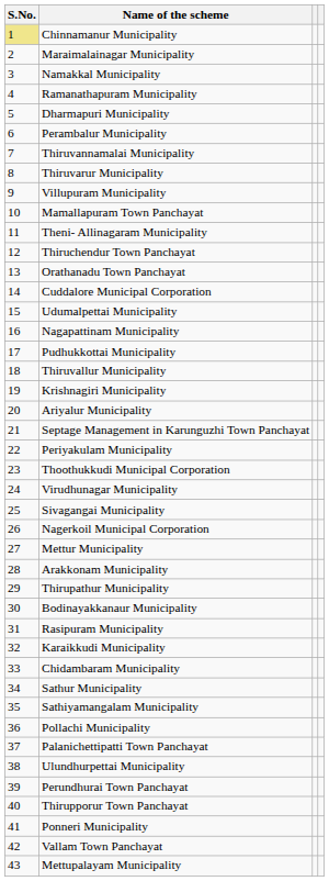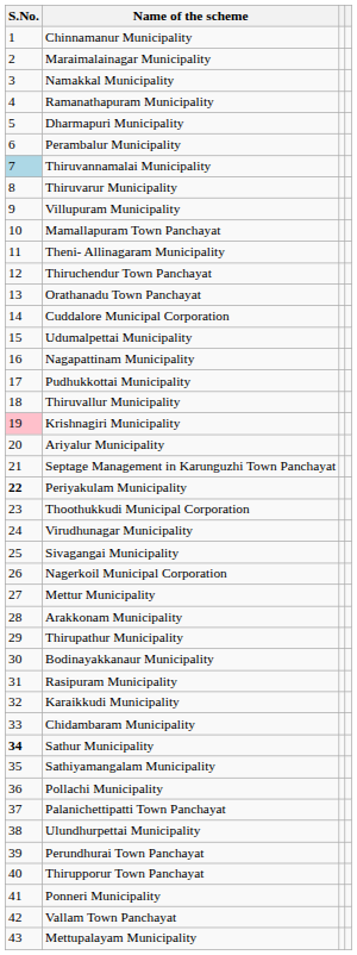 <table class="wikitable sortable">
 <tr>
 <th>S.No.</th>
 <th>Name of the scheme</th>
 <th></th>
 <th></th>
 </tr>
 <tr>
-<td style="background: khaki;">1</td>
+<td>1</td>
 <td>Chinnamanur Municipality</td>
 <td></td>
 <td></td>
 </tr>
 <tr>
 <td>2</td>
 <td>Maraimalainagar Municipality</td>
 <td></td>
 <td></td>
 </tr>
 <tr>
 <td>3</td>
 <td>Namakkal Municipality</td>
 <td></td>
 <td></td>
 </tr>
 <tr>
 <td>4</td>
 <td>Ramanathapuram Municipality</td>
 <td></td>
 <td></td>
 </tr>
 <tr>
 <td>5</td>
 <td>Dharmapuri Municipality</td>
 <td></td>
 <td></td>
 </tr>
 <tr>
 <td>6</td>
 <td>Perambalur Municipality</td>
 <td></td>
 <td></td>
 </tr>
 <tr>
-<td>7</td>
+<td style="background: lightblue;">7</td>
 <td>Thiruvannamalai Municipality</td>
 <td></td>
 <td></td>
 </tr>
 <tr>
 <td>8</td>
 <td>Thiruvarur Municipality</td>
 <td></td>
 <td></td>
 </tr>
 <tr>
 <td>9</td>
 <td>Villupuram Municipality</td>
 <td></td>
 <td></td>
 </tr>
 <tr>
 <td>10</td>
 <td>Mamallapuram Town Panchayat</td>
 <td></td>
 <td></td>
 </tr>
 <tr>
 <td>11</td>
 <td>Theni- Allinagaram Municipality</td>
 <td></td>
 <td></td>
 </tr>
 <tr>
 <td>12</td>
 <td>Thiruchendur Town Panchayat</td>
 <td></td>
 <td></td>
 </tr>
 <tr>
 <td>13</td>
 <td>Orathanadu Town Panchayat</td>
 <td></td>
 <td></td>
 </tr>
 <tr>
 <td>14</td>
 <td>Cuddalore Municipal Corporation</td>
 <td></td>
 <td></td>
 </tr>
 <tr>
 <td>15</td>
 <td>Udumalpettai Municipality</td>
 <td></td>
 <td></td>
 </tr>
 <tr>
 <td>16</td>
 <td>Nagapattinam Municipality</td>
 <td></td>
 <td></td>
 </tr>
 <tr>
 <td>17</td>
 <td>Pudhukkottai Municipality</td>
 <td></td>
 <td></td>
 </tr>
 <tr>
 <td>18</td>
 <td>Thiruvallur Municipality</td>
 <td></td>
 <td></td>
 </tr>
 <tr>
-<td>19</td>
+<td style="background: pink;">19</td>
 <td>Krishnagiri Municipality</td>
 <td></td>
 <td></td>
 </tr>
 <tr>
 <td>20</td>
 <td>Ariyalur Municipality</td>
 <td></td>
 <td></td>
 </tr>
 <tr>
 <td>21</td>
 <td>Septage Management in Karunguzhi Town Panchayat</td>
 <td></td>
 <td></td>
 </tr>
 <tr>
-<td>22</td>
+<td><strong>22</strong></td>
 <td>Periyakulam Municipality</td>
 <td></td>
 <td></td>
 </tr>
 <tr>
 <td>23</td>
 <td>Thoothukkudi Municipal Corporation</td>
 <td></td>
 <td></td>
 </tr>
 <tr>
 <td>24</td>
 <td>Virudhunagar Municipality</td>
 <td></td>
 <td></td>
 </tr>
 <tr>
 <td>25</td>
 <td>Sivagangai Municipality</td>
 <td></td>
 <td></td>
 </tr>
 <tr>
 <td>26</td>
 <td>Nagerkoil Municipal Corporation</td>
 <td></td>
 <td></td>
 </tr>
 <tr>
 <td>27</td>
 <td>Mettur Municipality</td>
 <td></td>
 <td></td>
 </tr>
 <tr>
 <td>28</td>
 <td>Arakkonam Municipality</td>
 <td></td>
 <td></td>
 </tr>
 <tr>
 <td>29</td>
 <td>Thirupathur Municipality</td>
 <td></td>
 <td></td>
 </tr>
 <tr>
 <td>30</td>
 <td>Bodinayakkanaur Municipality</td>
 <td></td>
 <td></td>
 </tr>
 <tr>
 <td>31</td>
 <td>Rasipuram Municipality</td>
 <td></td>
 <td></td>
 </tr>
 <tr>
 <td>32</td>
 <td>Karaikkudi Municipality</td>
 <td></td>
 <td></td>
 </tr>
 <tr>
 <td>33</td>
 <td>Chidambaram Municipality</td>
 <td></td>
 <td></td>
 </tr>
 <tr>
-<td>34</td>
+<td><strong>34</strong></td>
 <td>Sathur Municipality</td>
 <td></td>
 <td></td>
 </tr>
 <tr>
 <td>35</td>
 <td>Sathiyamangalam Municipality</td>
 <td></td>
 <td></td>
 </tr>
 <tr>
 <td>36</td>
 <td>Pollachi Municipality</td>
 <td></td>
 <td></td>
 </tr>
 <tr>
 <td>37</td>
 <td>Palanichettipatti Town Panchayat</td>
 <td></td>
 <td></td>
 </tr>
 <tr>
 <td>38</td>
 <td>Ulundhurpettai Municipality</td>
 <td></td>
 <td></td>
 </tr>
 <tr>
 <td>39</td>
 <td>Perundhurai Town Panchayat</td>
 <td></td>
 <td></td>
 </tr>
 <tr>
 <td>40</td>
 <td>Thirupporur Town Panchayat</td>
 <td></td>
 <td></td>
 </tr>
 <tr>
 <td>41</td>
 <td>Ponneri Municipality</td>
 <td></td>
 <td></td>
 </tr>
 <tr>
 <td>42</td>
 <td>Vallam Town Panchayat</td>
 <td></td>
 <td></td>
 </tr>
 <tr>
 <td>43</td>
 <td>Mettupalayam Municipality</td>
 <td></td>
 <td></td>
 </tr>
 </table>
